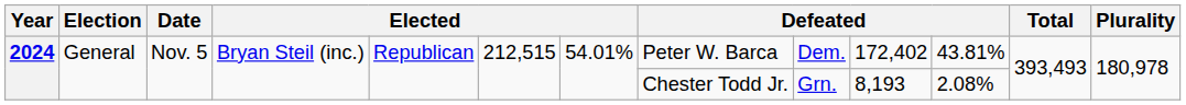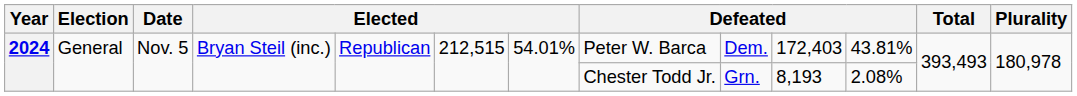 <table class="wikitable">
 <tr>
 <th>Year</th>
 <th>Election</th>
 <th>Date</th>
 <th colspan="4">Elected</th>
 <th colspan="4">Defeated</th>
 <th>Total</th>
 <th>Plurality</th>
 </tr>
 <tr>
 <th rowspan="2" valign="top"><a href='#'>2024</a></th>
 <td rowspan="2" valign="top">General</td>
 <td rowspan="2" valign="top">Nov. 5</td>
 <td rowspan="2" valign="top"><a href='#'>Bryan Steil</a> (inc.)</td>
 <td rowspan="2" valign="top" ><a href='#'>Republican</a></td>
 <td rowspan="2" valign="top">212,515</td>
 <td rowspan="2" valign="top">54.01%</td>
 <td valign="top">Peter W. Barca</td>
 <td valign="top" ><a href='#'>Dem.</a></td>
-<td valign="right" valign="top">172,402</td>
+<td valign="right" valign="top">172,403</td>
 <td valign="right" valign="top">43.81%</td>
 <td rowspan="2" valign="right" valign="top">393,493</td>
 <td rowspan="2" valign="right" valign="top">180,978</td>
 </tr>
 <tr>
 <td valign="top">Chester Todd Jr.</td>
 <td valign="top" ><a href='#'>Grn.</a></td>
 <td valign="right" valign="top">8,193</td>
 <td valign="right" valign="top">2.08%</td>
 </tr>
 </table>
